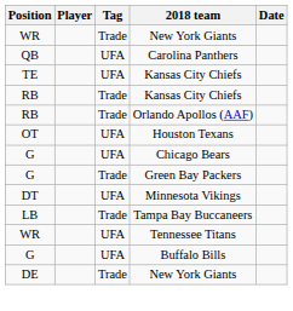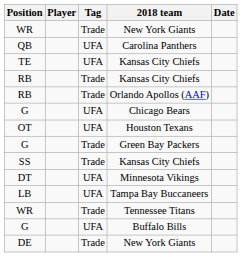 <table class="wikitable sortable" style="text-align:center">
 <tr>
 <th>Position</th>
 <th>Player</th>
 <th>Tag</th>
 <th>2018 team</th>
 <th>Date</th>
 </tr>
 <tr>
 <td>WR</td>
 <td></td>
 <td>Trade</td>
 <td>New York Giants</td>
 <td></td>
 </tr>
 <tr>
 <td>QB</td>
 <td></td>
 <td>UFA</td>
 <td>Carolina Panthers</td>
 <td></td>
 </tr>
 <tr>
 <td>TE</td>
 <td></td>
 <td>UFA</td>
 <td>Kansas City Chiefs</td>
 <td></td>
 </tr>
 <tr>
 <td>RB</td>
 <td></td>
 <td>Trade</td>
 <td>Kansas City Chiefs</td>
 <td></td>
 </tr>
 <tr>
 <td>RB</td>
 <td></td>
 <td>Trade</td>
 <td>Orlando Apollos (<a href='#'>AAF</a>)</td>
 <td></td>
 </tr>
 <tr>
+<td>G</td>
+<td></td>
+<td>UFA</td>
+<td>Chicago Bears</td>
+<td></td>
+</tr>
+<tr>
 <td>OT</td>
 <td></td>
 <td>UFA</td>
 <td>Houston Texans</td>
 <td></td>
 </tr>
 <tr>
 <td>G</td>
 <td></td>
-<td>UFA</td>
-<td>Chicago Bears</td>
+<td>Trade</td>
+<td>Green Bay Packers</td>
 <td></td>
 </tr>
 <tr>
-<td>G</td>
+<td>SS</td>
 <td></td>
 <td>Trade</td>
-<td>Green Bay Packers</td>
+<td>Kansas City Chiefs</td>
 <td></td>
 </tr>
 <tr>
 <td>DT</td>
 <td></td>
 <td>UFA</td>
 <td>Minnesota Vikings</td>
 <td></td>
 </tr>
 <tr>
 <td>LB</td>
 <td></td>
-<td>Trade</td>
+<td>UFA</td>
 <td>Tampa Bay Buccaneers</td>
 <td></td>
 </tr>
 <tr>
 <td>WR</td>
 <td></td>
-<td>UFA</td>
+<td>Trade</td>
 <td>Tennessee Titans</td>
 <td></td>
 </tr>
 <tr>
 <td>G</td>
 <td></td>
 <td>UFA</td>
 <td>Buffalo Bills</td>
 <td></td>
 </tr>
 <tr>
 <td>DE</td>
 <td></td>
 <td>Trade</td>
 <td>New York Giants</td>
 <td></td>
 </tr>
 </table>
